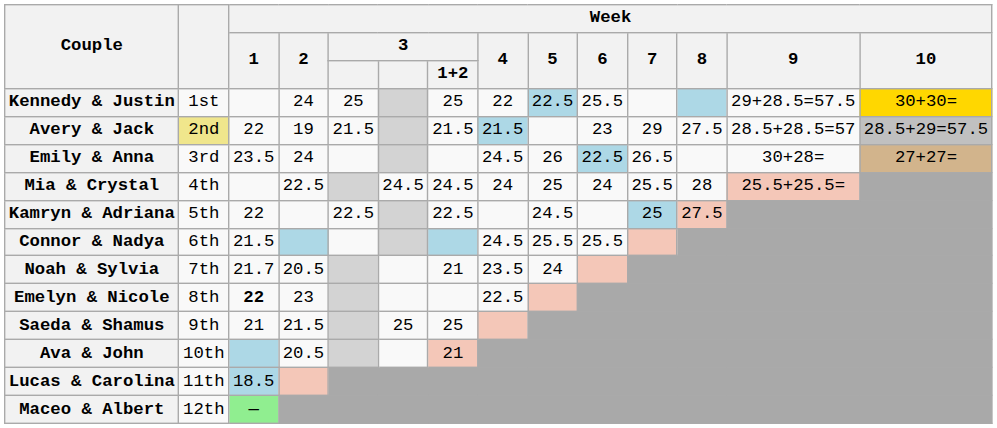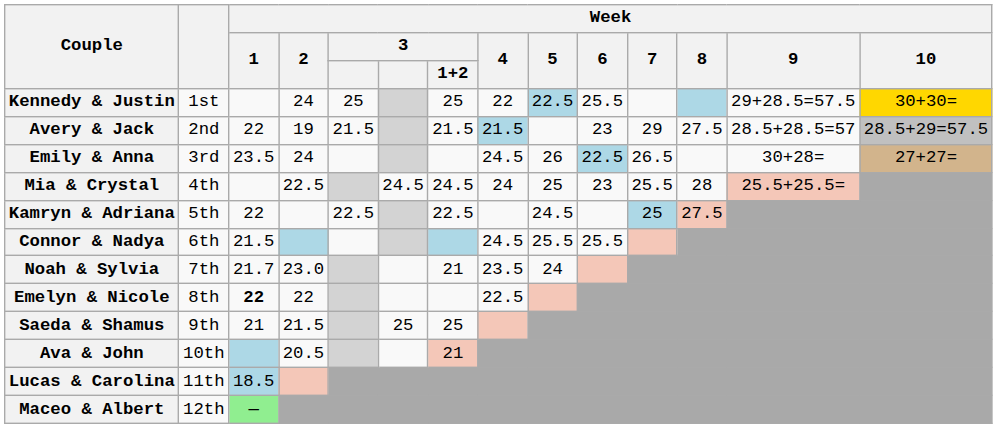 <table class="wikitable sortable" style="text-align:center; font-size:95%">
 <tr>
 <th scope="col" rowspan="3" style="text-align:center;">Couple</th>
 <th scope="col" rowspan="3" style="text-align:center;"></th>
 <th colspan="12" style="text-align:center;">Week</th>
 </tr>
 <tr>
 <th rowspan="2" scope="col">1</th>
 <th rowspan="2" scope="col">2</th>
 <th colspan="3" scope="col">3</th>
 <th rowspan="2" scope="col">4</th>
 <th rowspan="2" scope="col">5</th>
 <th rowspan="2" scope="col">6</th>
 <th rowspan="2" scope="col">7</th>
 <th rowspan="2" scope="col">8</th>
 <th rowspan="2" scope="col">9</th>
 <th rowspan="2" scope="col">10</th>
 </tr>
 <tr>
 <th></th>
 <th></th>
 <th>1+2</th>
 </tr>
 <tr>
 <th scope="col">Kennedy & Justin</th>
 <td>1st</td>
 <td></td>
 <td>24</td>
 <td>25</td>
 <td style="background:lightgray"></td>
 <td>25</td>
 <td>22</td>
 <td bgcolor=lightblue>22.5</td>
 <td>25.5</td>
 <td></td>
 <td bgcolor=lightblue></td>
 <td>29+28.5=57.5</td>
 <td bgcolor=gold >30+30=</td>
 </tr>
 <tr>
 <th scope="col">Avery & Jack</th>
-<td style="background: khaki;">2nd</td>
+<td>2nd</td>
 <td>22</td>
 <td>19</td>
 <td>21.5</td>
 <td style="background:lightgray"></td>
 <td>21.5</td>
 <td bgcolor=lightblue>21.5</td>
 <td></td>
 <td>23</td>
 <td>29</td>
 <td>27.5</td>
 <td>28.5+28.5=57</td>
 <td bgcolor=silver >28.5+29=57.5</td>
 </tr>
 <tr>
 <th scope="col">Emily & Anna</th>
 <td>3rd</td>
 <td>23.5</td>
 <td>24</td>
 <td></td>
 <td style="background:lightgray"></td>
 <td></td>
 <td>24.5</td>
 <td>26</td>
 <td bgcolor=lightblue>22.5</td>
 <td>26.5</td>
 <td></td>
 <td>30+28=</td>
 <td bgcolor=tan >27+27=</td>
 </tr>
 <tr>
 <th scope="col">Mia & Crystal</th>
 <td>4th</td>
 <td></td>
 <td>22.5</td>
 <td style="background:lightgray"></td>
 <td>24.5</td>
 <td>24.5</td>
 <td>24</td>
 <td>25</td>
-<td>24</td>
+<td>23</td>
 <td>25.5</td>
 <td>28</td>
 <td bgcolor=#f4c7b8 >25.5+25.5=</td>
 <td bgcolor="darkgrey"></td>
 </tr>
 <tr>
 <th scope="col">Kamryn & Adriana</th>
 <td>5th</td>
 <td>22</td>
 <td></td>
 <td>22.5</td>
 <td style="background:lightgray"></td>
 <td>22.5</td>
 <td></td>
 <td>24.5</td>
 <td></td>
 <td bgcolor=lightblue>25</td>
 <td bgcolor=#f4c7b8>27.5</td>
 <td colspan="2" bgcolor="darkgrey"></td>
 </tr>
 <tr>
 <th scope="col">Connor & Nadya</th>
 <td>6th</td>
 <td>21.5</td>
 <td bgcolor=lightblue></td>
 <td></td>
 <td style="background:lightgray"></td>
 <td bgcolor=lightblue></td>
 <td>24.5</td>
 <td>25.5</td>
 <td>25.5</td>
 <td bgcolor=#f4c7b8></td>
 <td colspan="3" bgcolor="darkgrey"></td>
 </tr>
 <tr>
 <th scope="col">Noah & Sylvia</th>
 <td>7th</td>
 <td>21.7</td>
-<td>20.5</td>
+<td>23.0</td>
 <td style="background:lightgray"></td>
 <td></td>
 <td>21</td>
 <td>23.5</td>
 <td>24</td>
 <td bgcolor=#f4c7b8></td>
 <td colspan="4" bgcolor="darkgrey"></td>
 </tr>
 <tr>
 <th scope="col">Emelyn & Nicole</th>
 <td>8th</td>
 <td><strong>22</strong></td>
-<td>23</td>
+<td>22</td>
 <td style="background:lightgray"></td>
 <td></td>
 <td></td>
 <td>22.5</td>
 <td bgcolor=#f4c7b8></td>
 <td colspan="5" bgcolor="darkgrey"></td>
 </tr>
 <tr>
 <th scope="col">Saeda & Shamus</th>
 <td>9th</td>
 <td>21</td>
 <td>21.5</td>
 <td style="background:lightgray"></td>
 <td>25</td>
 <td>25</td>
 <td bgcolor=#f4c7b8></td>
 <td colspan="6" bgcolor="darkgrey"></td>
 </tr>
 <tr>
 <th scope="col">Ava & John</th>
 <td>10th</td>
 <td bgcolor=lightblue></td>
 <td>20.5</td>
 <td style="background:lightgray"></td>
 <td></td>
 <td bgcolor=#f4c7b8>21</td>
 <td colspan="7" bgcolor="darkgrey"></td>
 </tr>
 <tr>
 <th scope="col">Lucas & Carolina</th>
 <td>11th</td>
 <td bgcolor=lightblue>18.5</td>
 <td bgcolor=#f4c7b8></td>
 <td colspan="10" bgcolor="darkgrey"></td>
 </tr>
 <tr>
 <th scope="col">Maceo & Albert</th>
 <td>12th</td>
 <td bgcolor="lightgreen">—</td>
 <td colspan="11" bgcolor="darkgrey"></td>
 </tr>
 </table>
